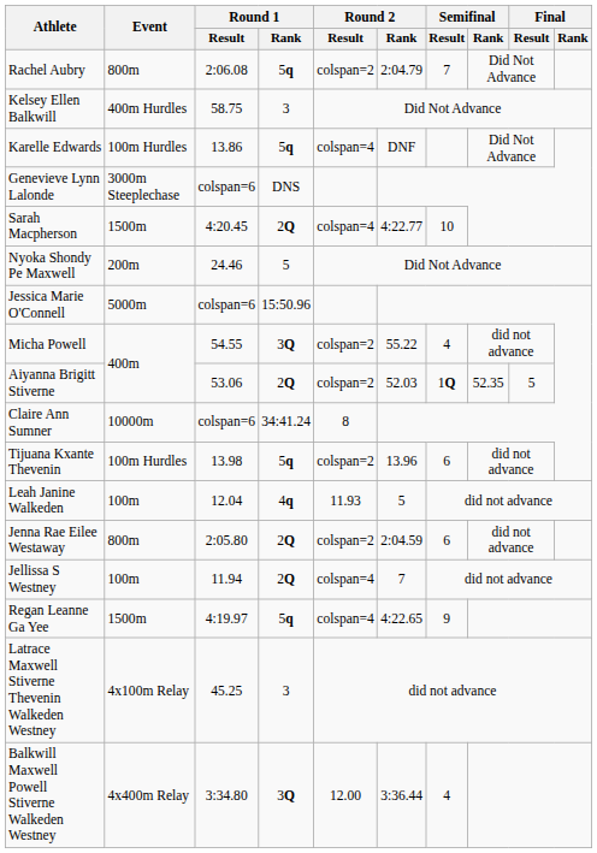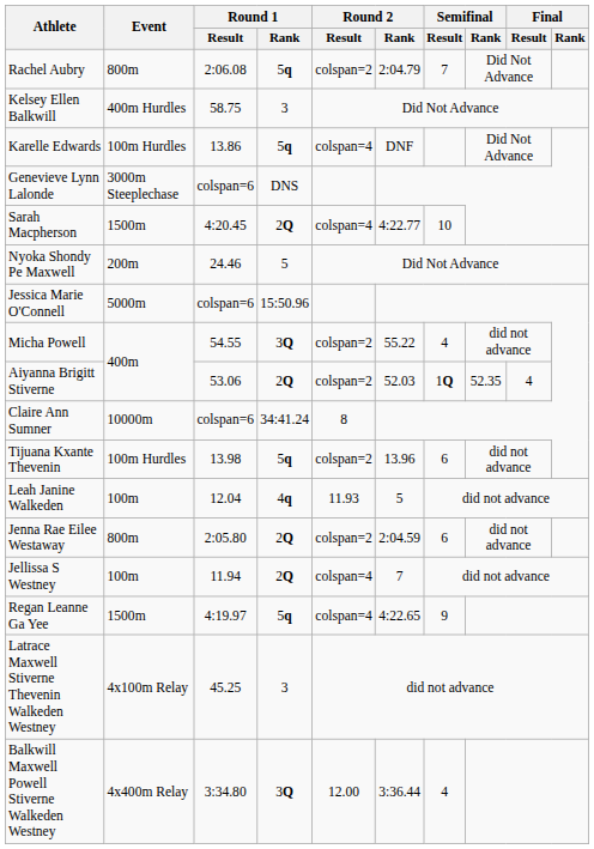 <table class="wikitable" style="font-size:90%">
 <tr>
 <th rowspan="2">Athlete</th>
 <th rowspan="2">Event</th>
 <th colspan="2">Round 1</th>
 <th colspan="2">Round 2</th>
 <th colspan="2">Semifinal</th>
 <th colspan="2">Final</th>
 </tr>
 <tr style="font-size:95%">
 <th>Result</th>
 <th>Rank</th>
 <th>Result</th>
 <th>Rank</th>
 <th>Result</th>
 <th>Rank</th>
 <th>Result</th>
 <th>Rank</th>
 </tr>
 <tr align=center>
 <td align=left>Rachel Aubry</td>
 <td align=left>800m</td>
 <td>2:06.08</td>
 <td>5<strong>q</strong></td>
 <td>colspan=2 </td>
 <td>2:04.79</td>
 <td>7</td>
 <td colspan=2>Did Not Advance</td>
 </tr>
 <tr align=center>
 <td align=left>Kelsey Ellen Balkwill</td>
 <td align=left>400m Hurdles</td>
 <td>58.75</td>
 <td>3</td>
 <td colspan=6>Did Not Advance</td>
 </tr>
 <tr align=center>
 <td align=left>Karelle Edwards</td>
 <td align=left>100m Hurdles</td>
 <td>13.86</td>
 <td>5<strong>q</strong></td>
 <td>colspan=4 </td>
 <td>DNF</td>
 <td></td>
 <td colspan=2>Did Not Advance</td>
 </tr>
 <tr align=center>
 <td align=left>Genevieve Lynn Lalonde</td>
 <td align=left>3000m Steeplechase</td>
 <td>colspan=6 </td>
 <td>DNS</td>
 <td></td>
 </tr>
 <tr align=center>
 <td align=left>Sarah Macpherson</td>
 <td align=left>1500m</td>
 <td>4:20.45</td>
 <td>2<strong>Q</strong></td>
 <td>colspan=4 </td>
 <td>4:22.77</td>
 <td>10</td>
 </tr>
 <tr align=center>
 <td align=left>Nyoka Shondy Pe Maxwell</td>
 <td align=left>200m</td>
 <td>24.46</td>
 <td>5</td>
 <td colspan=6>Did Not Advance</td>
 </tr>
 <tr align=center>
 <td align=left>Jessica Marie O'Connell</td>
 <td align=left>5000m</td>
 <td>colspan=6 </td>
 <td>15:50.96</td>
 <td></td>
 </tr>
 <tr align=center>
 <td align=left>Micha Powell</td>
 <td align=left rowspan=2>400m</td>
 <td>54.55</td>
 <td>3<strong>Q</strong></td>
 <td>colspan=2 </td>
 <td>55.22</td>
 <td>4</td>
 <td colspan=2>did not advance</td>
 </tr>
 <tr align=center>
 <td align=left>Aiyanna Brigitt Stiverne</td>
 <td>53.06</td>
 <td>2<strong>Q</strong></td>
 <td>colspan=2 </td>
 <td>52.03</td>
 <td>1<strong>Q</strong></td>
 <td>52.35</td>
-<td>5</td>
+<td>4</td>
 </tr>
 <tr align=center>
 <td align=left>Claire Ann Sumner</td>
 <td align=left>10000m</td>
 <td>colspan=6 </td>
 <td>34:41.24</td>
 <td>8</td>
 </tr>
 <tr align=center>
 <td align=left>Tijuana Kxante Thevenin</td>
 <td align=left>100m Hurdles</td>
 <td>13.98</td>
 <td>5<strong>q</strong></td>
 <td>colspan=2 </td>
 <td>13.96</td>
 <td>6</td>
 <td colspan=2>did not advance</td>
 </tr>
 <tr align=center>
 <td align=left>Leah Janine Walkeden</td>
 <td align=left>100m</td>
 <td>12.04</td>
 <td>4<strong>q</strong></td>
 <td>11.93</td>
 <td>5</td>
 <td colspan=4>did not advance</td>
 </tr>
 <tr align=center>
 <td align=left>Jenna Rae Eilee Westaway</td>
 <td align=left>800m</td>
 <td>2:05.80</td>
 <td>2<strong>Q</strong></td>
 <td>colspan=2 </td>
 <td>2:04.59</td>
 <td>6</td>
 <td colspan=2>did not advance</td>
 </tr>
 <tr align=center>
 <td align=left>Jellissa S Westney</td>
 <td align=left>100m</td>
 <td>11.94</td>
 <td>2<strong>Q</strong></td>
 <td>colspan=4 </td>
 <td>7</td>
 <td colspan=4>did not advance</td>
 </tr>
 <tr align=center>
 <td align=left>Regan Leanne Ga Yee</td>
 <td align=left>1500m</td>
 <td>4:19.97</td>
 <td>5<strong>q</strong></td>
 <td>colspan=4 </td>
 <td>4:22.65</td>
 <td>9</td>
 </tr>
 <tr align=center>
 <td align=left>Latrace<br>Maxwell<br>Stiverne<br>Thevenin<br>Walkeden<br>Westney</td>
 <td align=left>4x100m Relay</td>
 <td>45.25</td>
 <td>3</td>
 <td colspan=6>did not advance</td>
 </tr>
 <tr align=center>
 <td align=left>Balkwill<br>Maxwell<br>Powell<br>Stiverne<br>Walkeden<br>Westney</td>
 <td align=left>4x400m Relay</td>
 <td>3:34.80</td>
 <td>3<strong>Q</strong></td>
 <td>12.00</td>
 <td>3:36.44</td>
 <td>4</td>
 </tr>
 </table>
